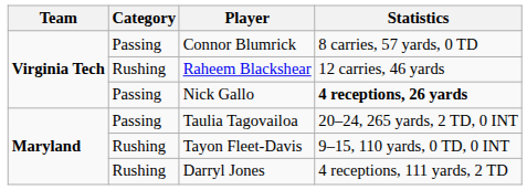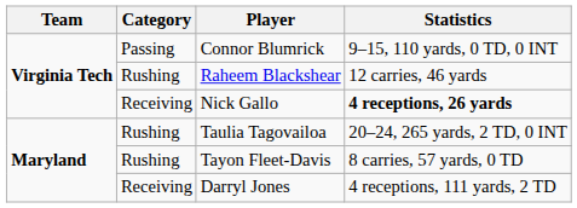 <table class="wikitable" style="float: right;">
 <tr>
 <th>Team</th>
 <th>Category</th>
 <th>Player</th>
 <th>Statistics</th>
 </tr>
 <tr>
 <td rowspan=3><strong>Virginia Tech</strong></td>
 <td>Passing</td>
 <td>Connor Blumrick</td>
-<td>8 carries, 57 yards, 0 TD</td>
+<td>9–15, 110 yards, 0 TD, 0 INT</td>
 </tr>
 <tr>
 <td>Rushing</td>
 <td><a href='#'>Raheem Blackshear</a></td>
 <td>12 carries, 46 yards</td>
 </tr>
 <tr>
-<td>Passing</td>
+<td>Receiving</td>
 <td>Nick Gallo</td>
 <td><strong>4 receptions, 26 yards</strong></td>
 </tr>
 <tr>
 <td rowspan=3><strong>Maryland</strong></td>
-<td>Passing</td>
+<td>Rushing</td>
 <td>Taulia Tagovailoa</td>
 <td>20–24, 265 yards, 2 TD, 0 INT</td>
 </tr>
 <tr>
 <td>Rushing</td>
 <td>Tayon Fleet-Davis</td>
-<td>9–15, 110 yards, 0 TD, 0 INT</td>
+<td>8 carries, 57 yards, 0 TD</td>
 </tr>
 <tr>
-<td>Rushing</td>
+<td>Receiving</td>
 <td>Darryl Jones</td>
 <td>4 receptions, 111 yards, 2 TD</td>
 </tr>
 </table>
